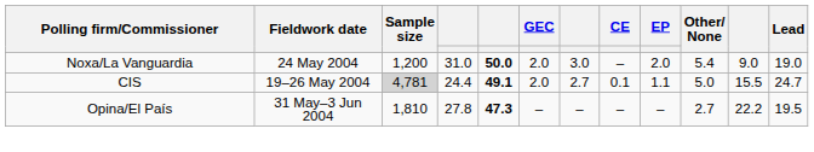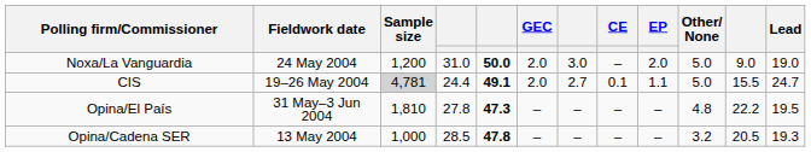 <table class="wikitable collapsible collapsed" style="text-align:center; font-size:90%; line-height:14px;">
 <tr style="height:42px;">
 <th style="width:250px;" rowspan="2">Polling firm/Commissioner</th>
 <th style="width:125px;" rowspan="2">Fieldwork date</th>
 <th style="width:50px;" rowspan="2">Sample size</th>
 <th style="width:35px;"></th>
 <th style="width:35px;"></th>
 <th style="width:35px;"><a href='#'>GEC</a></th>
 <th style="width:35px;"></th>
 <th style="width:35px;"><a href='#'>CE</a></th>
 <th style="width:35px;"><a href='#'>EP</a></th>
 <th style="width:35px;" rowspan="2">Other/<br>None</th>
 <th style="width:35px;" rowspan="2"></th>
 <th style="width:30px;" rowspan="2">Lead</th>
 </tr>
 <tr>
 <th style="color:inherit;background:"></th>
 <th style="color:inherit;background:"></th>
 <th style="color:inherit;background:"></th>
 <th style="color:inherit;background:"></th>
 <th style="color:inherit;background:"></th>
 <th style="color:inherit;background:"></th>
 </tr>
 <tr>
 <td>Noxa/La Vanguardia</td>
 <td>24 May 2004</td>
 <td>1,200</td>
 <td>31.0</td>
 <td><strong>50.0</strong></td>
 <td>2.0</td>
 <td>3.0</td>
 <td>–</td>
 <td>2.0</td>
-<td>5.4</td>
+<td>5.0</td>
 <td>9.0</td>
 <td style="background:">19.0</td>
 </tr>
 <tr>
 <td>CIS</td>
 <td>19–26 May 2004</td>
 <td style="background: lightgrey;">4,781</td>
 <td>24.4</td>
 <td><strong>49.1</strong></td>
 <td>2.0</td>
 <td>2.7</td>
 <td>0.1</td>
 <td>1.1</td>
 <td>5.0</td>
 <td>15.5</td>
 <td style="background:">24.7</td>
 </tr>
 <tr>
 <td>Opina/El País</td>
 <td>31 May–3 Jun 2004</td>
 <td>1,810</td>
 <td>27.8</td>
 <td><strong>47.3</strong></td>
 <td>–</td>
 <td>–</td>
 <td>–</td>
 <td>–</td>
-<td>2.7</td>
+<td>4.8</td>
 <td>22.2</td>
 <td style="background:">19.5</td>
 </tr>
+<tr>
+<td>Opina/Cadena SER</td>
+<td>13 May 2004</td>
+<td>1,000</td>
+<td>28.5</td>
+<td><strong>47.8</strong></td>
+<td>–</td>
+<td>–</td>
+<td>–</td>
+<td>–</td>
+<td>3.2</td>
+<td>20.5</td>
+<td style="background:">19.3</td>
+</tr>
 </table>
